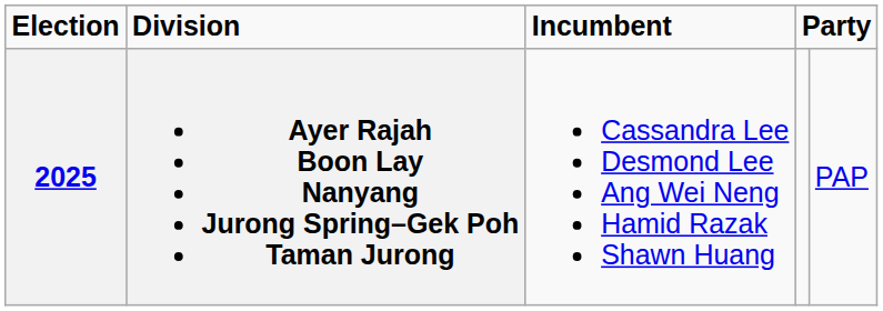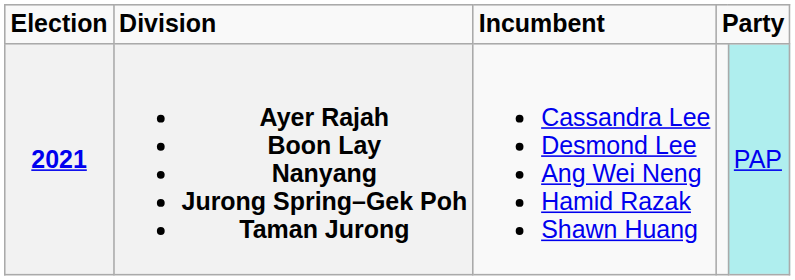 <table class="wikitable" align="center">
 <tr>
 <td><strong>Election</strong></td>
 <td><strong>Division</strong></td>
 <td><strong>Incumbent</strong></td>
 <td colspan="2"><strong>Party</strong></td>
 </tr>
 <tr>
-<th><a href='#'>2025</a></th>
+<th><a href='#'>2021</a></th>
 <th><br><ul><li>Ayer Rajah</li><li>Boon Lay</li><li>Nanyang</li><li>Jurong Spring–Gek Poh</li><li>Taman Jurong</li></ul></th>
 <td><br><ul><li><a href='#'>Cassandra Lee</a></li><li><a href='#'>Desmond Lee</a></li><li><a href='#'>Ang Wei Neng</a></li><li><a href='#'>Hamid Razak</a></li><li><a href='#'>Shawn Huang</a></li></ul></td>
 <td rowspan="1"></td>
-<td rowspan="1"><a href='#'>PAP</a></td>
+<td rowspan="1" style="background: paleturquoise;"><a href='#'>PAP</a></td>
 </tr>
 </table>
